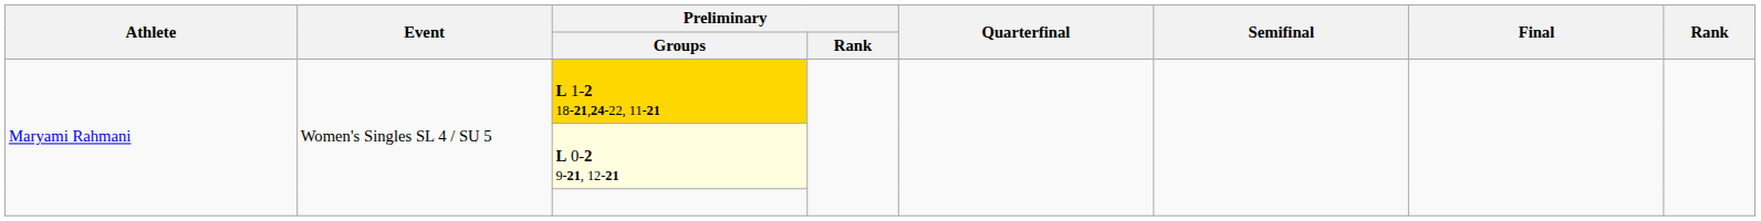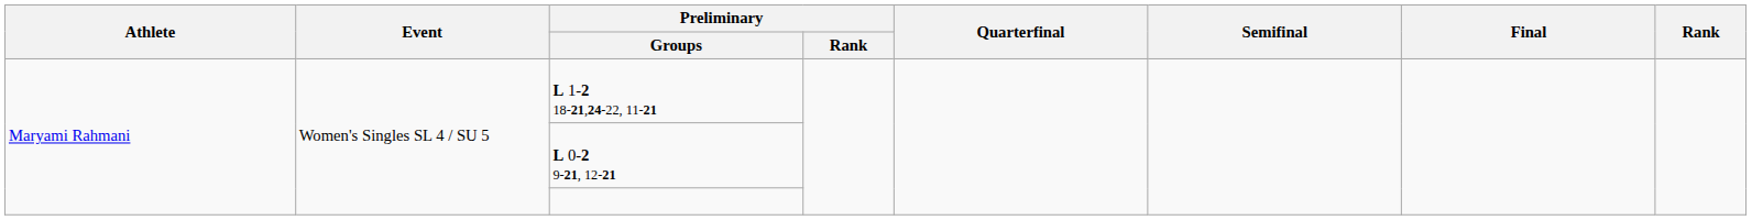 <table class="wikitable" width="98%" style="text-align:left; font-size:90%">
 <tr>
 <th rowspan="2" width="16%">Athlete</th>
 <th rowspan="2" width="14%">Event</th>
 <th colspan="2">Preliminary</th>
 <th rowspan="2" width="14%">Quarterfinal</th>
 <th rowspan="2" width="14%">Semifinal</th>
 <th rowspan="2" width="14%">Final</th>
 <th rowspan="2" width="5%">Rank</th>
 </tr>
 <tr>
 <th width="14%">Groups</th>
 <th width="5%">Rank</th>
 </tr>
 <tr>
 <td rowspan="3"><a href='#'>Maryami Rahmani</a></td>
 <td rowspan="3">Women's Singles SL 4 / SU 5</td>
-<td style="background: gold;"><br><strong>L</strong> 1-<strong>2</strong><br><small>18-<strong>21</strong>,<strong>24</strong>-22, 11-<strong>21</strong></small></td>
+<td><br><strong>L</strong> 1-<strong>2</strong><br><small>18-<strong>21</strong>,<strong>24</strong>-22, 11-<strong>21</strong></small></td>
 <td rowspan="3" align="center"></td>
 <td rowspan="3"></td>
 <td rowspan="3"></td>
 <td rowspan="3"></td>
 <td rowspan="3" align="center"></td>
 </tr>
 <tr>
-<td style="background: lightyellow;"><br><strong>L</strong> 0-<strong>2</strong><br><small>9-<strong>21</strong>, 12-<strong>21</strong></small></td>
+<td><br><strong>L</strong> 0-<strong>2</strong><br><small>9-<strong>21</strong>, 12-<strong>21</strong></small></td>
 </tr>
 <tr>
 <td><br></td>
 </tr>
 </table>
